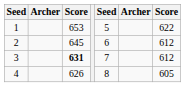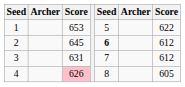 <table class="wikitable" style="text-align:center">
 <tr>
 <th>Seed</th>
 <th>Archer</th>
 <th>Score</th>
 <th rowspan="5"></th>
 <th>Seed</th>
 <th>Archer</th>
 <th>Score</th>
 </tr>
 <tr>
 <td>1</td>
 <td align=left></td>
 <td>653</td>
 <td>5</td>
 <td align=left></td>
 <td>622</td>
 </tr>
 <tr>
 <td>2</td>
 <td align=left></td>
 <td>645</td>
-<td>6</td>
+<td><strong>6</strong></td>
 <td align=left></td>
 <td>612</td>
 </tr>
 <tr>
 <td>3</td>
 <td align=left></td>
-<td><strong>631</strong></td>
+<td>631</td>
 <td>7</td>
 <td align=left></td>
 <td>612</td>
 </tr>
 <tr>
 <td>4</td>
 <td align=left></td>
-<td>626</td>
+<td style="background: pink;">626</td>
 <td>8</td>
 <td align=left></td>
 <td>605</td>
 </tr>
 </table>
